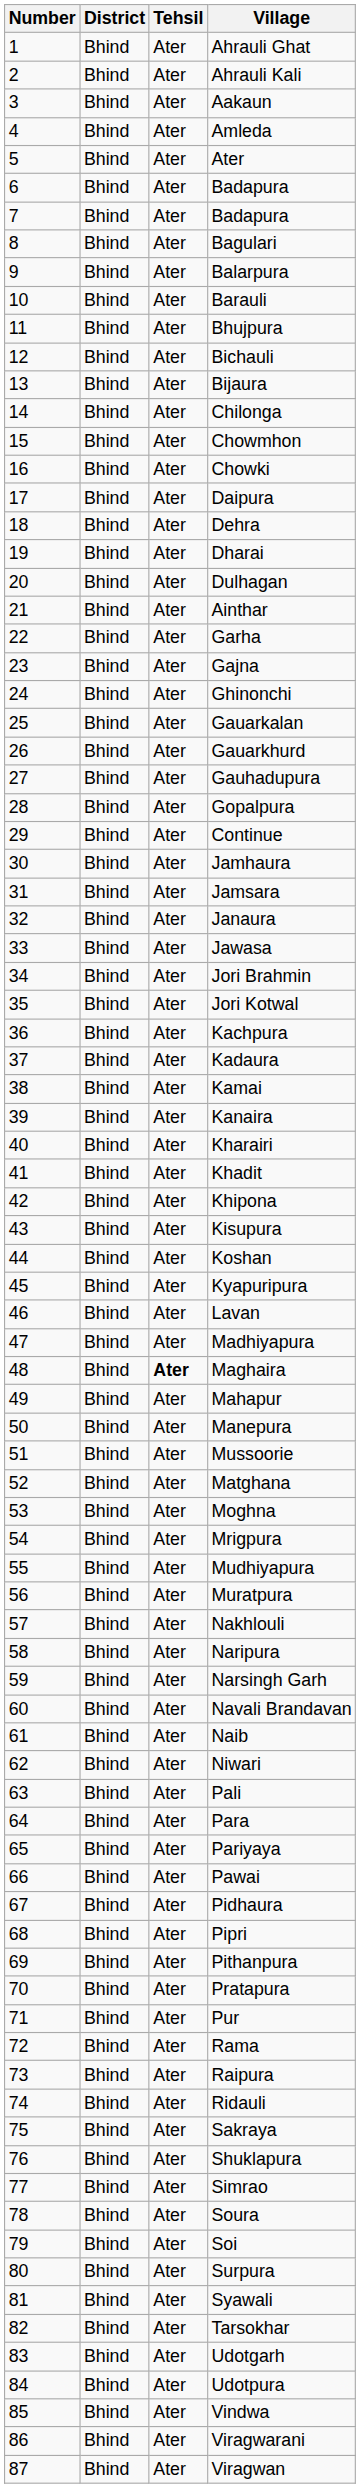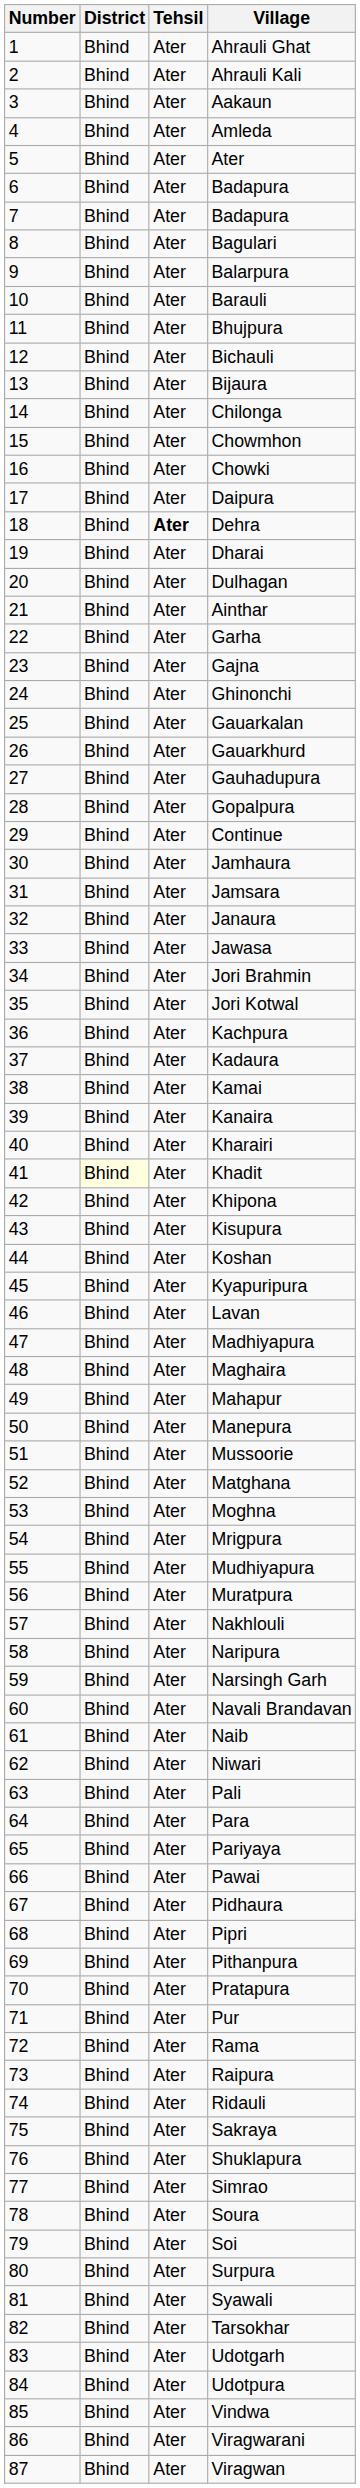 <table class="wikitable">
 <tr>
 <th>Number</th>
 <th>District</th>
 <th>Tehsil</th>
 <th>Village</th>
 </tr>
 <tr>
 <td>1</td>
 <td>Bhind</td>
 <td>Ater</td>
 <td>Ahrauli Ghat</td>
 </tr>
 <tr>
 <td>2</td>
 <td>Bhind</td>
 <td>Ater</td>
 <td>Ahrauli Kali</td>
 </tr>
 <tr>
 <td>3</td>
 <td>Bhind</td>
 <td>Ater</td>
 <td>Aakaun</td>
 </tr>
 <tr>
 <td>4</td>
 <td>Bhind</td>
 <td>Ater</td>
 <td>Amleda</td>
 </tr>
 <tr>
 <td>5</td>
 <td>Bhind</td>
 <td>Ater</td>
 <td>Ater</td>
 </tr>
 <tr>
 <td>6</td>
 <td>Bhind</td>
 <td>Ater</td>
 <td>Badapura</td>
 </tr>
 <tr>
 <td>7</td>
 <td>Bhind</td>
 <td>Ater</td>
 <td>Badapura</td>
 </tr>
 <tr>
 <td>8</td>
 <td>Bhind</td>
 <td>Ater</td>
 <td>Bagulari</td>
 </tr>
 <tr>
 <td>9</td>
 <td>Bhind</td>
 <td>Ater</td>
 <td>Balarpura</td>
 </tr>
 <tr>
 <td>10</td>
 <td>Bhind</td>
 <td>Ater</td>
 <td>Barauli</td>
 </tr>
 <tr>
 <td>11</td>
 <td>Bhind</td>
 <td>Ater</td>
 <td>Bhujpura</td>
 </tr>
 <tr>
 <td>12</td>
 <td>Bhind</td>
 <td>Ater</td>
 <td>Bichauli</td>
 </tr>
 <tr>
 <td>13</td>
 <td>Bhind</td>
 <td>Ater</td>
 <td>Bijaura</td>
 </tr>
 <tr>
 <td>14</td>
 <td>Bhind</td>
 <td>Ater</td>
 <td>Chilonga</td>
 </tr>
 <tr>
 <td>15</td>
 <td>Bhind</td>
 <td>Ater</td>
 <td>Chowmhon</td>
 </tr>
 <tr>
 <td>16</td>
 <td>Bhind</td>
 <td>Ater</td>
 <td>Chowki</td>
 </tr>
 <tr>
 <td>17</td>
 <td>Bhind</td>
 <td>Ater</td>
 <td>Daipura</td>
 </tr>
 <tr>
 <td>18</td>
 <td>Bhind</td>
-<td>Ater</td>
+<td><strong>Ater</strong></td>
 <td>Dehra</td>
 </tr>
 <tr>
 <td>19</td>
 <td>Bhind</td>
 <td>Ater</td>
 <td>Dharai</td>
 </tr>
 <tr>
 <td>20</td>
 <td>Bhind</td>
 <td>Ater</td>
 <td>Dulhagan</td>
 </tr>
 <tr>
 <td>21</td>
 <td>Bhind</td>
 <td>Ater</td>
 <td>Ainthar</td>
 </tr>
 <tr>
 <td>22</td>
 <td>Bhind</td>
 <td>Ater</td>
 <td>Garha</td>
 </tr>
 <tr>
 <td>23</td>
 <td>Bhind</td>
 <td>Ater</td>
 <td>Gajna</td>
 </tr>
 <tr>
 <td>24</td>
 <td>Bhind</td>
 <td>Ater</td>
 <td>Ghinonchi</td>
 </tr>
 <tr>
 <td>25</td>
 <td>Bhind</td>
 <td>Ater</td>
 <td>Gauarkalan</td>
 </tr>
 <tr>
 <td>26</td>
 <td>Bhind</td>
 <td>Ater</td>
 <td>Gauarkhurd</td>
 </tr>
 <tr>
 <td>27</td>
 <td>Bhind</td>
 <td>Ater</td>
 <td>Gauhadupura</td>
 </tr>
 <tr>
 <td>28</td>
 <td>Bhind</td>
 <td>Ater</td>
 <td>Gopalpura</td>
 </tr>
 <tr>
 <td>29</td>
 <td>Bhind</td>
 <td>Ater</td>
 <td>Continue</td>
 </tr>
 <tr>
 <td>30</td>
 <td>Bhind</td>
 <td>Ater</td>
 <td>Jamhaura</td>
 </tr>
 <tr>
 <td>31</td>
 <td>Bhind</td>
 <td>Ater</td>
 <td>Jamsara</td>
 </tr>
 <tr>
 <td>32</td>
 <td>Bhind</td>
 <td>Ater</td>
 <td>Janaura</td>
 </tr>
 <tr>
 <td>33</td>
 <td>Bhind</td>
 <td>Ater</td>
 <td>Jawasa</td>
 </tr>
 <tr>
 <td>34</td>
 <td>Bhind</td>
 <td>Ater</td>
 <td>Jori Brahmin</td>
 </tr>
 <tr>
 <td>35</td>
 <td>Bhind</td>
 <td>Ater</td>
 <td>Jori Kotwal</td>
 </tr>
 <tr>
 <td>36</td>
 <td>Bhind</td>
 <td>Ater</td>
 <td>Kachpura</td>
 </tr>
 <tr>
 <td>37</td>
 <td>Bhind</td>
 <td>Ater</td>
 <td>Kadaura</td>
 </tr>
 <tr>
 <td>38</td>
 <td>Bhind</td>
 <td>Ater</td>
 <td>Kamai</td>
 </tr>
 <tr>
 <td>39</td>
 <td>Bhind</td>
 <td>Ater</td>
 <td>Kanaira</td>
 </tr>
 <tr>
 <td>40</td>
 <td>Bhind</td>
 <td>Ater</td>
 <td>Kharairi</td>
 </tr>
 <tr>
 <td>41</td>
-<td>Bhind</td>
+<td style="background: lightyellow;">Bhind</td>
 <td>Ater</td>
 <td>Khadit</td>
 </tr>
 <tr>
 <td>42</td>
 <td>Bhind</td>
 <td>Ater</td>
 <td>Khipona</td>
 </tr>
 <tr>
 <td>43</td>
 <td>Bhind</td>
 <td>Ater</td>
 <td>Kisupura</td>
 </tr>
 <tr>
 <td>44</td>
 <td>Bhind</td>
 <td>Ater</td>
 <td>Koshan</td>
 </tr>
 <tr>
 <td>45</td>
 <td>Bhind</td>
 <td>Ater</td>
 <td>Kyapuripura</td>
 </tr>
 <tr>
 <td>46</td>
 <td>Bhind</td>
 <td>Ater</td>
 <td>Lavan</td>
 </tr>
 <tr>
 <td>47</td>
 <td>Bhind</td>
 <td>Ater</td>
 <td>Madhiyapura</td>
 </tr>
 <tr>
 <td>48</td>
 <td>Bhind</td>
-<td><strong>Ater</strong></td>
+<td>Ater</td>
 <td>Maghaira</td>
 </tr>
 <tr>
 <td>49</td>
 <td>Bhind</td>
 <td>Ater</td>
 <td>Mahapur</td>
 </tr>
 <tr>
 <td>50</td>
 <td>Bhind</td>
 <td>Ater</td>
 <td>Manepura</td>
 </tr>
 <tr>
 <td>51</td>
 <td>Bhind</td>
 <td>Ater</td>
 <td>Mussoorie</td>
 </tr>
 <tr>
 <td>52</td>
 <td>Bhind</td>
 <td>Ater</td>
 <td>Matghana</td>
 </tr>
 <tr>
 <td>53</td>
 <td>Bhind</td>
 <td>Ater</td>
 <td>Moghna</td>
 </tr>
 <tr>
 <td>54</td>
 <td>Bhind</td>
 <td>Ater</td>
 <td>Mrigpura</td>
 </tr>
 <tr>
 <td>55</td>
 <td>Bhind</td>
 <td>Ater</td>
 <td>Mudhiyapura</td>
 </tr>
 <tr>
 <td>56</td>
 <td>Bhind</td>
 <td>Ater</td>
 <td>Muratpura</td>
 </tr>
 <tr>
 <td>57</td>
 <td>Bhind</td>
 <td>Ater</td>
 <td>Nakhlouli</td>
 </tr>
 <tr>
 <td>58</td>
 <td>Bhind</td>
 <td>Ater</td>
 <td>Naripura</td>
 </tr>
 <tr>
 <td>59</td>
 <td>Bhind</td>
 <td>Ater</td>
 <td>Narsingh Garh</td>
 </tr>
 <tr>
 <td>60</td>
 <td>Bhind</td>
 <td>Ater</td>
 <td>Navali Brandavan</td>
 </tr>
 <tr>
 <td>61</td>
 <td>Bhind</td>
 <td>Ater</td>
 <td>Naib</td>
 </tr>
 <tr>
 <td>62</td>
 <td>Bhind</td>
 <td>Ater</td>
 <td>Niwari</td>
 </tr>
 <tr>
 <td>63</td>
 <td>Bhind</td>
 <td>Ater</td>
 <td>Pali</td>
 </tr>
 <tr>
 <td>64</td>
 <td>Bhind</td>
 <td>Ater</td>
 <td>Para</td>
 </tr>
 <tr>
 <td>65</td>
 <td>Bhind</td>
 <td>Ater</td>
 <td>Pariyaya</td>
 </tr>
 <tr>
 <td>66</td>
 <td>Bhind</td>
 <td>Ater</td>
 <td>Pawai</td>
 </tr>
 <tr>
 <td>67</td>
 <td>Bhind</td>
 <td>Ater</td>
 <td>Pidhaura</td>
 </tr>
 <tr>
 <td>68</td>
 <td>Bhind</td>
 <td>Ater</td>
 <td>Pipri</td>
 </tr>
 <tr>
 <td>69</td>
 <td>Bhind</td>
 <td>Ater</td>
 <td>Pithanpura</td>
 </tr>
 <tr>
 <td>70</td>
 <td>Bhind</td>
 <td>Ater</td>
 <td>Pratapura</td>
 </tr>
 <tr>
 <td>71</td>
 <td>Bhind</td>
 <td>Ater</td>
 <td>Pur</td>
 </tr>
 <tr>
 <td>72</td>
 <td>Bhind</td>
 <td>Ater</td>
 <td>Rama</td>
 </tr>
 <tr>
 <td>73</td>
 <td>Bhind</td>
 <td>Ater</td>
 <td>Raipura</td>
 </tr>
 <tr>
 <td>74</td>
 <td>Bhind</td>
 <td>Ater</td>
 <td>Ridauli</td>
 </tr>
 <tr>
 <td>75</td>
 <td>Bhind</td>
 <td>Ater</td>
 <td>Sakraya</td>
 </tr>
 <tr>
 <td>76</td>
 <td>Bhind</td>
 <td>Ater</td>
 <td>Shuklapura</td>
 </tr>
 <tr>
 <td>77</td>
 <td>Bhind</td>
 <td>Ater</td>
 <td>Simrao</td>
 </tr>
 <tr>
 <td>78</td>
 <td>Bhind</td>
 <td>Ater</td>
 <td>Soura</td>
 </tr>
 <tr>
 <td>79</td>
 <td>Bhind</td>
 <td>Ater</td>
 <td>Soi</td>
 </tr>
 <tr>
 <td>80</td>
 <td>Bhind</td>
 <td>Ater</td>
 <td>Surpura</td>
 </tr>
 <tr>
 <td>81</td>
 <td>Bhind</td>
 <td>Ater</td>
 <td>Syawali</td>
 </tr>
 <tr>
 <td>82</td>
 <td>Bhind</td>
 <td>Ater</td>
 <td>Tarsokhar</td>
 </tr>
 <tr>
 <td>83</td>
 <td>Bhind</td>
 <td>Ater</td>
 <td>Udotgarh</td>
 </tr>
 <tr>
 <td>84</td>
 <td>Bhind</td>
 <td>Ater</td>
 <td>Udotpura</td>
 </tr>
 <tr>
 <td>85</td>
 <td>Bhind</td>
 <td>Ater</td>
 <td>Vindwa</td>
 </tr>
 <tr>
 <td>86</td>
 <td>Bhind</td>
 <td>Ater</td>
 <td>Viragwarani</td>
 </tr>
 <tr>
 <td>87</td>
 <td>Bhind</td>
 <td>Ater</td>
 <td>Viragwan</td>
 </tr>
 </table>
